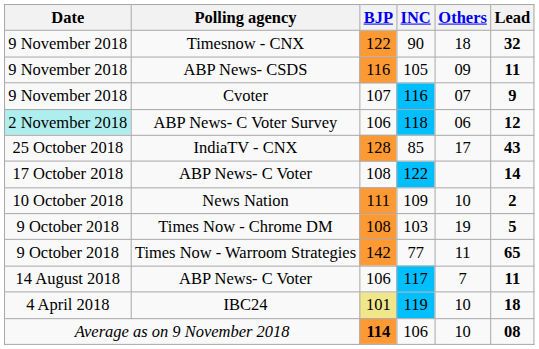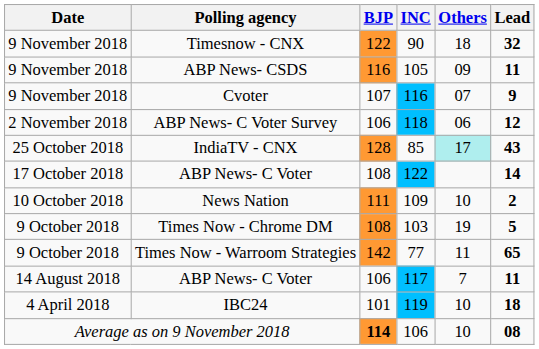 <table class="wikitable collapsible sortable" style="text-align:center">
 <tr>
 <th rowspan="1">Date</th>
 <th rowspan="1">Polling agency</th>
 <th><a href='#'>BJP</a></th>
 <th><a href='#'>INC</a></th>
 <th rowspan="1"><a href='#'>Others</a></th>
 <th rowspan="1">Lead</th>
 </tr>
 <tr>
 <td>9 November 2018</td>
 <td>Timesnow - CNX</td>
 <td style="background:#FF9933">122</td>
 <td>90</td>
 <td>18</td>
 <td style="background:"><span><strong>32</strong></span></td>
 </tr>
 <tr>
 <td>9 November 2018</td>
 <td>ABP News- CSDS</td>
 <td style="background:#FF9933">116</td>
 <td>105</td>
 <td>09</td>
 <td style="background:"><span><strong>11</strong></span></td>
 </tr>
 <tr>
 <td>9 November 2018</td>
 <td>Cvoter</td>
 <td>107</td>
 <td style="background:#00BFFF">116</td>
 <td>07</td>
 <td style="background:"><span><strong>9</strong></span></td>
 </tr>
 <tr>
-<td style="background: paleturquoise;">2 November 2018</td>
+<td>2 November 2018</td>
 <td>ABP News- C Voter Survey</td>
 <td>106</td>
 <td style="background:#00BFFF">118</td>
 <td>06</td>
 <td style="background:"><span><strong>12</strong></span></td>
 </tr>
 <tr>
 <td>25 October 2018</td>
 <td>IndiaTV - CNX</td>
 <td style="background:#FF9933">128</td>
 <td>85</td>
-<td>17</td>
+<td style="background: paleturquoise;">17</td>
 <td style="background:"><span><strong>43</strong></span></td>
 </tr>
 <tr>
 <td>17 October 2018</td>
 <td>ABP News- C Voter</td>
 <td>108</td>
 <td style="background:#00BFFF">122</td>
 <td></td>
 <td style="background:"><span><strong>14</strong></span></td>
 </tr>
 <tr>
 <td>10 October 2018</td>
 <td>News Nation</td>
 <td style="background:#FF9933">111</td>
 <td>109</td>
 <td>10</td>
 <td style="background:"><span><strong>2</strong></span></td>
 </tr>
 <tr>
 <td>9 October 2018</td>
 <td>Times Now - Chrome DM</td>
 <td style="background:#FF9933">108</td>
 <td>103</td>
 <td>19</td>
 <td style="background:"><span><strong>5</strong></span></td>
 </tr>
 <tr>
 <td>9 October 2018</td>
 <td>Times Now - Warroom Strategies</td>
 <td style="background:#FF9933">142</td>
 <td>77</td>
 <td>11</td>
 <td style="background:"><span><strong>65</strong></span></td>
 </tr>
 <tr>
 <td>14 August 2018</td>
 <td>ABP News- C Voter</td>
 <td>106</td>
 <td style="background:#00BFFF">117</td>
 <td>7</td>
 <td style="background:"><span><strong>11</strong></span></td>
 </tr>
 <tr>
 <td>4 April 2018</td>
 <td>IBC24</td>
-<td style="background: khaki;">101</td>
+<td>101</td>
 <td style="background:#00BFFF">119</td>
 <td>10</td>
 <td style="background:"><span><strong>18</strong></span></td>
 </tr>
 <tr>
 <td colspan="2"><em>Average as on 9 November 2018</em></td>
 <td style="background:#FF9933"><strong>114</strong></td>
 <td>106</td>
 <td>10</td>
 <td style="background:"><span><strong>08</strong></span></td>
 </tr>
 </table>
